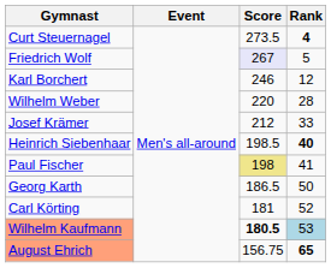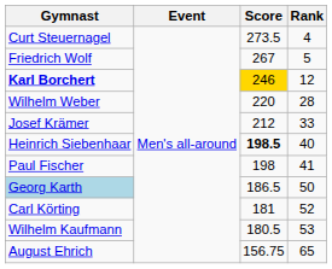 <table class=wikitable>
 <tr>
 <th>Gymnast</th>
 <th>Event</th>
 <th>Score</th>
 <th>Rank</th>
 </tr>
 <tr align=center>
 <td align=left><a href='#'>Curt Steuernagel</a></td>
 <td rowspan=11 align=left><a href='#'>Men's all-around</a></td>
 <td>273.5</td>
-<td><strong>4</strong></td>
+<td>4</td>
 </tr>
 <tr align=center>
 <td align=left><a href='#'>Friedrich Wolf</a></td>
-<td style="background: lavender;">267</td>
+<td>267</td>
 <td>5</td>
 </tr>
 <tr align=center>
-<td align=left><a href='#'>Karl Borchert</a></td>
-<td>246</td>
+<td align=left><strong><a href='#'>Karl Borchert</a></strong></td>
+<td style="background: gold;">246</td>
 <td>12</td>
 </tr>
 <tr align=center>
 <td align=left><a href='#'>Wilhelm Weber</a></td>
 <td>220</td>
 <td>28</td>
 </tr>
 <tr align=center>
 <td align=left><a href='#'>Josef Krämer</a></td>
 <td>212</td>
 <td>33</td>
 </tr>
 <tr align=center>
 <td align=left><a href='#'>Heinrich Siebenhaar</a></td>
-<td>198.5</td>
-<td><strong>40</strong></td>
+<td><strong>198.5</strong></td>
+<td>40</td>
 </tr>
 <tr align=center>
 <td align=left><a href='#'>Paul Fischer</a></td>
-<td style="background: khaki;">198</td>
+<td>198</td>
 <td>41</td>
 </tr>
 <tr align=center>
-<td align=left><a href='#'>Georg Karth</a></td>
+<td align=left style="background: lightblue;"><a href='#'>Georg Karth</a></td>
 <td>186.5</td>
 <td>50</td>
 </tr>
 <tr align=center>
 <td align=left><a href='#'>Carl Körting</a></td>
 <td>181</td>
 <td>52</td>
 </tr>
 <tr align=center>
-<td align=left style="background: lightsalmon;"><a href='#'>Wilhelm Kaufmann</a></td>
-<td><strong>180.5</strong></td>
-<td style="background: lightblue;">53</td>
+<td align=left><a href='#'>Wilhelm Kaufmann</a></td>
+<td>180.5</td>
+<td>53</td>
 </tr>
 <tr align=center>
-<td align=left style="background: lightsalmon;"><a href='#'>August Ehrich</a></td>
+<td align=left><a href='#'>August Ehrich</a></td>
 <td>156.75</td>
-<td><strong>65</strong></td>
+<td>65</td>
 </tr>
 </table>
